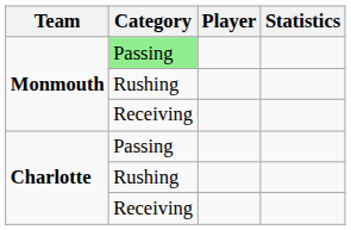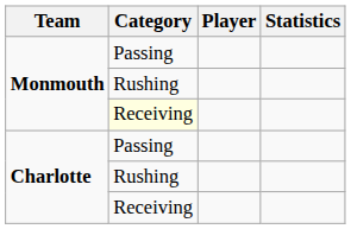 <table class="wikitable" style="float: right;">
 <tr>
 <th>Team</th>
 <th>Category</th>
 <th>Player</th>
 <th>Statistics</th>
 </tr>
 <tr>
 <td rowspan=3><strong>Monmouth</strong></td>
-<td style="background: lightgreen;">Passing</td>
+<td>Passing</td>
 <td></td>
 <td></td>
 </tr>
 <tr>
 <td>Rushing</td>
 <td></td>
 <td></td>
 </tr>
 <tr>
-<td>Receiving</td>
+<td style="background: lightyellow;">Receiving</td>
 <td></td>
 <td></td>
 </tr>
 <tr>
 <td rowspan=3><strong>Charlotte</strong></td>
 <td>Passing</td>
 <td></td>
 <td></td>
 </tr>
 <tr>
 <td>Rushing</td>
 <td></td>
 <td></td>
 </tr>
 <tr>
 <td>Receiving</td>
 <td></td>
 <td></td>
 </tr>
 </table>
